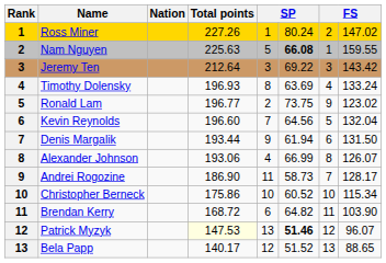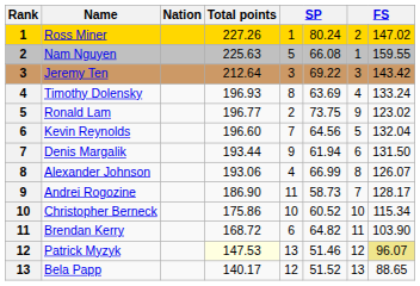 <table class="wikitable sortable">
 <tr>
 <th>Rank</th>
 <th>Name</th>
 <th>Nation</th>
 <th>Total points</th>
 <th colspan="2" width="80px"><a href='#'>SP</a></th>
 <th colspan="2" width="80px"><a href='#'>FS</a></th>
 </tr>
 <tr bgcolor="gold">
 <td align="center"><strong>1</strong></td>
 <td><a href='#'>Ross Miner</a></td>
 <td></td>
 <td align="center">227.26</td>
 <td align="center">1</td>
 <td align="center">80.24</td>
 <td align="center">2</td>
 <td align="center">147.02</td>
 </tr>
 <tr bgcolor="silver">
 <td align="center"><strong>2</strong></td>
 <td><a href='#'>Nam Nguyen</a></td>
 <td></td>
 <td align="center">225.63</td>
 <td align="center">5</td>
-<td align="center"><strong>66.08</strong></td>
+<td align="center">66.08</td>
 <td align="center">1</td>
 <td align="center">159.55</td>
 </tr>
 <tr bgcolor="cc9966">
 <td align="center"><strong>3</strong></td>
 <td><a href='#'>Jeremy Ten</a></td>
 <td></td>
 <td align="center">212.64</td>
 <td align="center">3</td>
 <td align="center">69.22</td>
 <td align="center">3</td>
 <td align="center">143.42</td>
 </tr>
 <tr>
 <th>4</th>
 <td><a href='#'>Timothy Dolensky</a></td>
 <td></td>
 <td align="center">196.93</td>
 <td align="center">8</td>
 <td align="center">63.69</td>
 <td align="center">4</td>
 <td align="center">133.24</td>
 </tr>
 <tr>
 <th>5</th>
 <td><a href='#'>Ronald Lam</a></td>
 <td></td>
 <td align="center">196.77</td>
 <td align="center">2</td>
 <td align="center">73.75</td>
 <td align="center">9</td>
 <td align="center">123.02</td>
 </tr>
 <tr>
 <th>6</th>
 <td><a href='#'>Kevin Reynolds</a></td>
 <td></td>
 <td align="center">196.60</td>
 <td align="center">7</td>
 <td align="center">64.56</td>
 <td align="center">5</td>
 <td align="center">132.04</td>
 </tr>
 <tr>
 <th>7</th>
 <td><a href='#'>Denis Margalik</a></td>
 <td></td>
 <td align="center">193.44</td>
 <td align="center">9</td>
 <td align="center">61.94</td>
 <td align="center">6</td>
 <td align="center">131.50</td>
 </tr>
 <tr>
 <th>8</th>
 <td><a href='#'>Alexander Johnson</a></td>
 <td></td>
 <td align="center">193.06</td>
 <td align="center">4</td>
 <td align="center">66.99</td>
 <td align="center">8</td>
 <td align="center">126.07</td>
 </tr>
 <tr>
 <th>9</th>
 <td><a href='#'>Andrei Rogozine</a></td>
 <td></td>
 <td align="center">186.90</td>
 <td align="center">11</td>
 <td align="center">58.73</td>
 <td align="center">7</td>
 <td align="center">128.17</td>
 </tr>
 <tr>
 <th>10</th>
 <td><a href='#'>Christopher Berneck</a></td>
 <td></td>
 <td align="center">175.86</td>
 <td align="center">10</td>
 <td align="center">60.52</td>
 <td align="center">10</td>
 <td align="center">115.34</td>
 </tr>
 <tr>
 <th>11</th>
 <td><a href='#'>Brendan Kerry</a></td>
 <td></td>
 <td align="center">168.72</td>
 <td align="center">6</td>
 <td align="center">64.82</td>
 <td align="center">11</td>
 <td align="center">103.90</td>
 </tr>
 <tr>
 <th>12</th>
 <td><a href='#'>Patrick Myzyk</a></td>
 <td></td>
 <td align="center" style="background: lightyellow;">147.53</td>
 <td align="center">13</td>
-<td align="center"><strong>51.46</strong></td>
+<td align="center">51.46</td>
 <td align="center">12</td>
-<td align="center">96.07</td>
+<td align="center" style="background: khaki;">96.07</td>
 </tr>
 <tr>
 <th>13</th>
 <td><a href='#'>Bela Papp</a></td>
 <td></td>
 <td align="center">140.17</td>
 <td align="center">12</td>
 <td align="center">51.52</td>
 <td align="center">13</td>
 <td align="center">88.65</td>
 </tr>
 </table>
